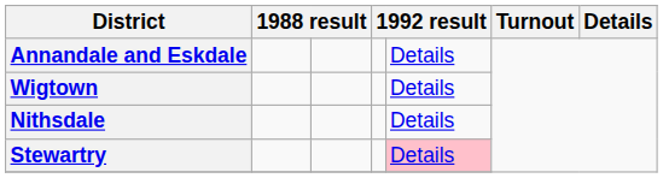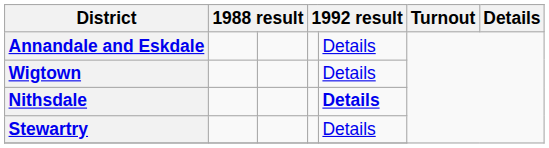 <table class="wikitable">
 <tr>
 <th scope="col">District</th>
 <th scope="col"  colspan="2">1988 result</th>
 <th scope="col" colspan="2">1992 result</th>
 <th scope="col">Turnout</th>
 <th scope="col">Details</th>
 </tr>
 <tr>
 <th scope="row" style="text-align: left;"><a href='#'>Annandale and Eskdale</a></th>
 <td></td>
 <td></td>
 <td></td>
 <td><a href='#'>Details</a></td>
 </tr>
 <tr>
 <th scope="row" style="text-align: left;"><a href='#'>Wigtown</a></th>
 <td></td>
 <td></td>
 <td></td>
 <td><a href='#'>Details</a></td>
 </tr>
 <tr>
 <th scope="row" style="text-align: left;"><a href='#'>Nithsdale</a></th>
 <td></td>
 <td></td>
 <td></td>
-<td><a href='#'>Details</a></td>
+<td><strong><a href='#'>Details</a></strong></td>
 </tr>
 <tr>
 <th scope="row" style="text-align: left;"><a href='#'>Stewartry</a></th>
 <td></td>
 <td></td>
 <td></td>
-<td style="background: pink;"><a href='#'>Details</a></td>
+<td><a href='#'>Details</a></td>
 </tr>
 <tr>
 </tr>
 </table>
